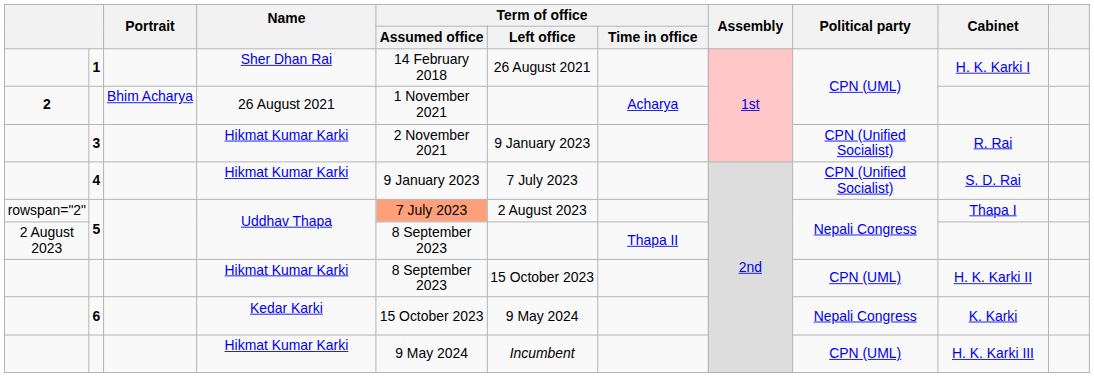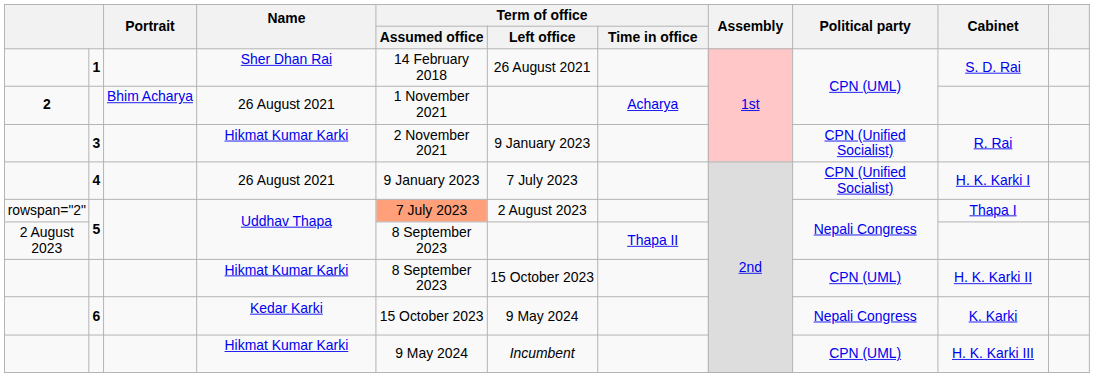 <table class="wikitable sortable" style="text-align:center;">
 <tr>
 <th colspan="2" rowspan="2" width="25px"></th>
 <th rowspan="2" width="100px">Portrait</th>
 <th rowspan="2" width="200px">Name<br><br></th>
 <th colspan="3">Term of office</th>
 <th rowspan="2" width="90px">Assembly<br></th>
 <th rowspan="2" width="160px">Political party</th>
 <th rowspan="2" width="120px">Cabinet</th>
 <th rowspan="2" width="40px"></th>
 </tr>
 <tr>
 <th width="120px">Assumed office</th>
 <th width="120px">Left office</th>
 <th width="120px">Time in office</th>
 </tr>
 <tr>
 <td></td>
 <td><strong>1</strong></td>
 <td></td>
 <td><a href='#'>Sher Dhan Rai</a><br><br></td>
 <td>14 February 2018</td>
 <td>26 August 2021</td>
 <td></td>
 <td rowspan="3" bgcolor="ffc7c7"><a href='#'>1st</a><br></td>
 <td rowspan="2"><a href='#'>CPN (UML)</a></td>
-<td><a href='#'>H. K. Karki I</a></td>
+<td><a href='#'>S. D. Rai</a></td>
 <td></td>
 </tr>
 <tr>
 <td><strong>2</strong></td>
 <td></td>
 <td><a href='#'>Bhim Acharya</a><br><br></td>
 <td>26 August 2021</td>
 <td>1 November 2021</td>
 <td></td>
 <td><a href='#'>Acharya</a></td>
 <td></td>
 </tr>
 <tr>
 <td></td>
 <td><strong>3</strong></td>
 <td></td>
 <td><a href='#'>Hikmat Kumar Karki</a><br><br></td>
 <td>2 November 2021</td>
 <td>9 January 2023</td>
 <td></td>
 <td><a href='#'>CPN (Unified Socialist)</a></td>
 <td><a href='#'>R. Rai</a></td>
 <td></td>
 </tr>
 <tr>
 <td></td>
 <td><strong>4</strong></td>
 <td></td>
-<td><a href='#'>Hikmat Kumar Karki</a><br><br></td>
+<td>26 August 2021</td>
 <td>9 January 2023</td>
 <td>7 July 2023</td>
 <td></td>
 <td rowspan="6" bgcolor="dddddd"><a href='#'>2nd</a><br></td>
 <td><a href='#'>CPN (Unified Socialist)</a></td>
-<td><a href='#'>S. D. Rai</a></td>
+<td><a href='#'>H. K. Karki I</a></td>
 <td></td>
 </tr>
 <tr>
 <td>rowspan="2" </td>
 <td rowspan="2"><strong>5</strong></td>
 <td rowspan="2"></td>
 <td rowspan="2"><a href='#'>Uddhav Thapa</a><br><br></td>
 <td style="background: lightsalmon;">7 July 2023</td>
 <td>2 August 2023</td>
 <td></td>
 <td rowspan="2"><a href='#'>Nepali Congress</a></td>
 <td><a href='#'>Thapa I</a></td>
 <td></td>
 </tr>
 <tr>
 <td>2 August 2023</td>
 <td>8 September 2023</td>
 <td></td>
 <td><a href='#'>Thapa II</a></td>
 <td></td>
 </tr>
 <tr>
 <td></td>
 <td><strong></strong></td>
 <td></td>
 <td><a href='#'>Hikmat Kumar Karki</a><br><br></td>
 <td>8 September 2023</td>
 <td>15 October 2023</td>
 <td></td>
 <td><a href='#'>CPN (UML)</a></td>
 <td><a href='#'>H. K. Karki II</a></td>
 <td></td>
 </tr>
 <tr>
 <td></td>
 <td><strong>6</strong></td>
 <td></td>
 <td><a href='#'>Kedar Karki</a><br><br></td>
 <td>15 October 2023</td>
 <td>9 May 2024</td>
 <td></td>
 <td><a href='#'>Nepali Congress</a></td>
 <td><a href='#'>K. Karki</a></td>
 <td></td>
 </tr>
 <tr>
 <td></td>
 <td><strong></strong></td>
 <td></td>
 <td><a href='#'>Hikmat Kumar Karki</a><br><br></td>
 <td>9 May 2024</td>
 <td><em>Incumbent</em></td>
 <td></td>
 <td><a href='#'>CPN (UML)</a></td>
 <td><a href='#'>H. K. Karki III</a></td>
 <td></td>
 </tr>
 </table>
